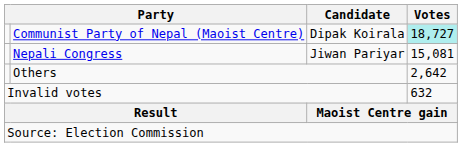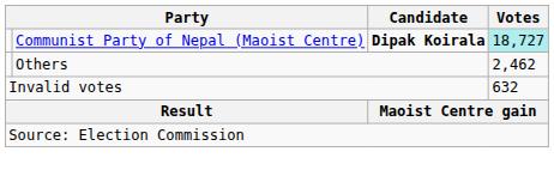 <table class="wikitable">
 <tr>
 <th colspan="2">Party</th>
 <th>Candidate</th>
 <th>Votes</th>
 </tr>
 <tr>
 <td style="background-color:"></td>
 <td><a href='#'>Communist Party of Nepal (Maoist Centre)</a></td>
-<td>Dipak Koirala</td>
+<td><strong>Dipak Koirala</strong></td>
 <td style="background: paleturquoise;">18,727</td>
-</tr>
-<tr>
-<td style="background-color:"></td>
-<td><a href='#'>Nepali Congress</a></td>
-<td>Jiwan Pariyar</td>
-<td>15,081</td>
 </tr>
 <tr>
 <td></td>
 <td colspan="2">Others</td>
-<td>2,642</td>
+<td>2,462</td>
 </tr>
 <tr>
 <td colspan="3">Invalid votes</td>
 <td>632</td>
 </tr>
 <tr>
 <th colspan="2">Result</th>
 <th colspan="2">Maoist Centre gain</th>
 </tr>
 <tr>
 <td colspan="4">Source: Election Commission</td>
 </tr>
 </table>
